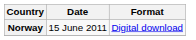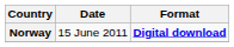 <table class="wikitable plainrowheaders">
 <tr>
 <th scope="col">Country</th>
 <th scope="col">Date</th>
 <th scope="col">Format</th>
 </tr>
 <tr>
 <th scope="row">Norway</th>
 <td>15 June 2011</td>
-<td><a href='#'>Digital download</a></td>
+<td><strong><a href='#'>Digital download</a></strong></td>
 </tr>
 <tr>
 </tr>
 </table>
